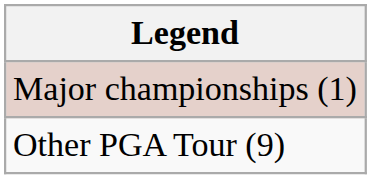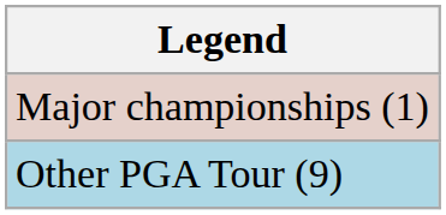 <table class="wikitable" style="font-size:95%;">
 <tr>
 <th>Legend</th>
 </tr>
 <tr style="background:#e5d1cb;">
 <td>Major championships (1)</td>
 </tr>
 <tr>
-<td>Other PGA Tour (9)</td>
+<td style="background: lightblue;">Other PGA Tour (9)</td>
 </tr>
 </table>
